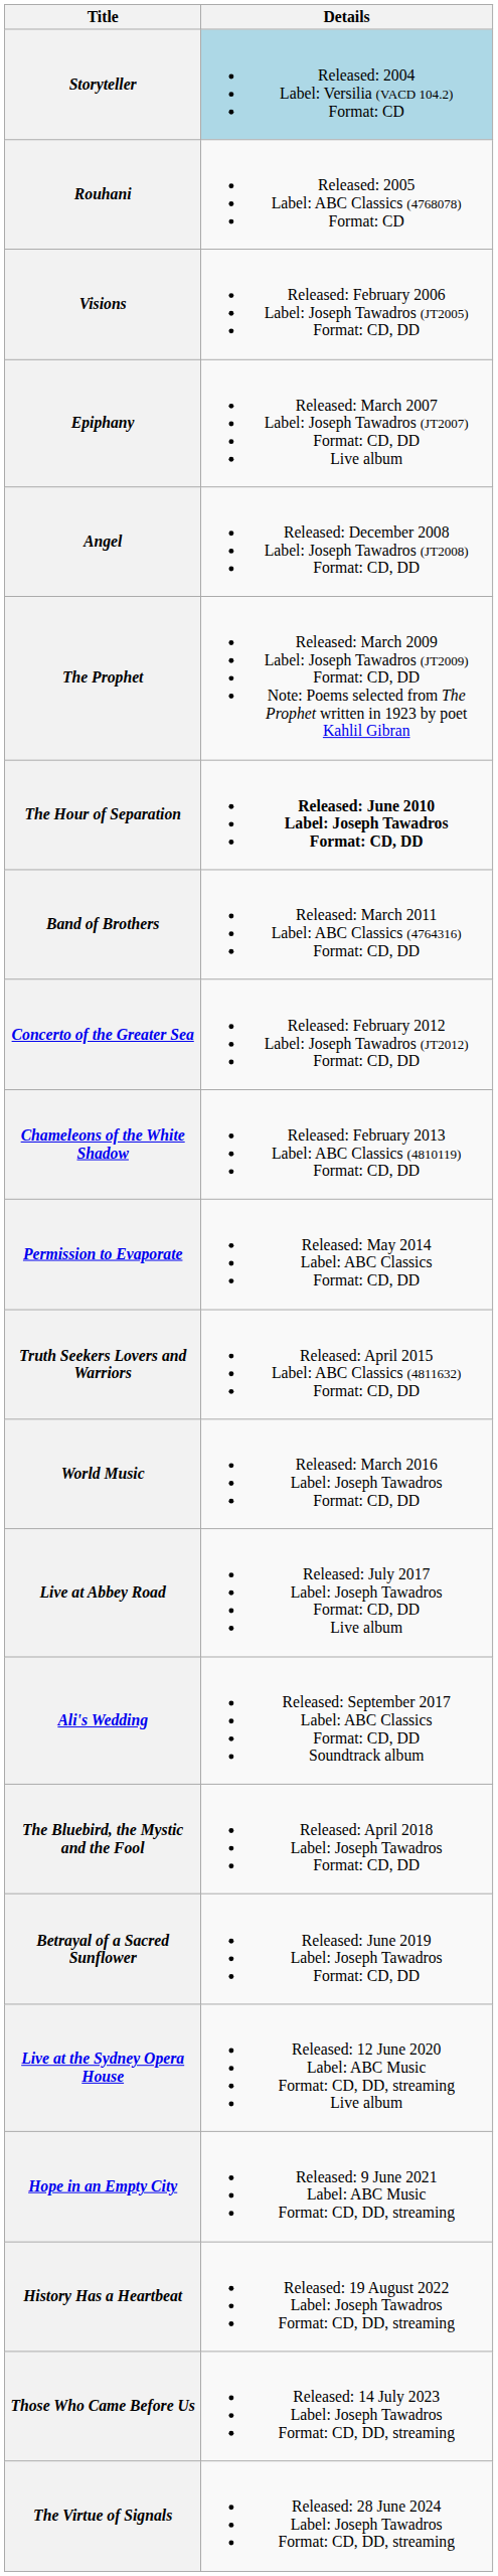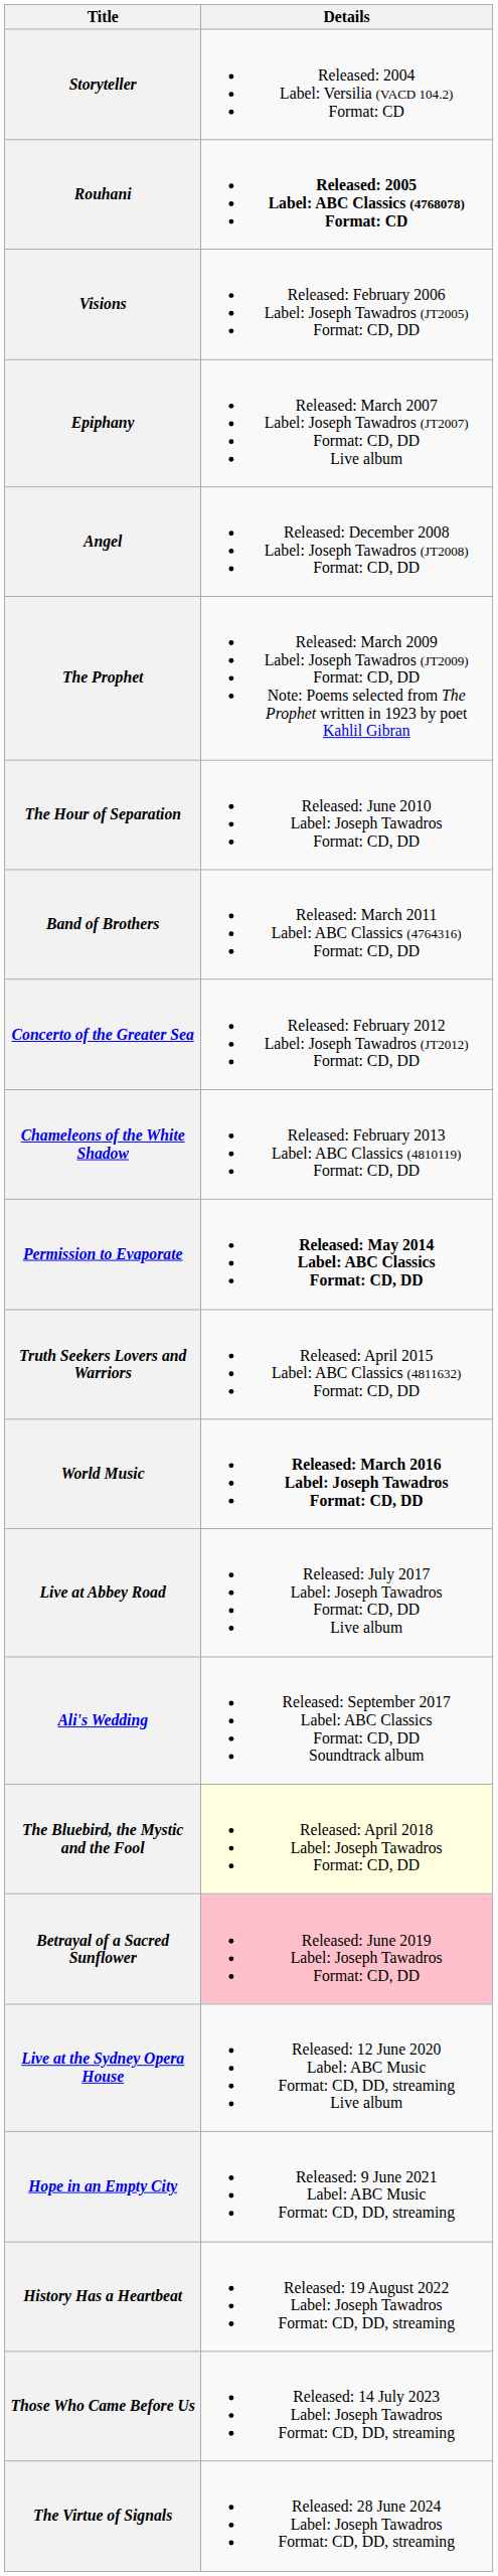 <table class="wikitable plainrowheaders" style="text-align:center;">
 <tr>
 <th scope="col" style="width:12em;">Title</th>
 <th scope="col" style="width:18em;">Details</th>
 </tr>
 <tr>
 <th scope="row"><em>Storyteller</em></th>
-<td style="background: lightblue;"><br><ul><li>Released: 2004</li><li>Label: Versilia <small>(VACD 104.2)</small></li><li>Format: CD</li></ul></td>
+<td><br><ul><li>Released: 2004</li><li>Label: Versilia <small>(VACD 104.2)</small></li><li>Format: CD</li></ul></td>
 </tr>
 <tr>
 <th scope="row"><em>Rouhani</em> <br></th>
-<td><br><ul><li>Released: 2005</li><li>Label: ABC Classics <small>(4768078)</small></li><li>Format: CD</li></ul></td>
+<td><strong><br><ul><li>Released: 2005</li><li>Label: ABC Classics <small>(4768078)</small></li><li>Format: CD</li></ul></strong></td>
 </tr>
 <tr>
 <th scope="row"><em>Visions</em> <br></th>
 <td><br><ul><li>Released: February 2006</li><li>Label: Joseph Tawadros <small>(JT2005)</small></li><li>Format: CD, DD</li></ul></td>
 </tr>
 <tr>
 <th scope="row"><em>Epiphany</em> <br></th>
 <td><br><ul><li>Released: March 2007</li><li>Label: Joseph Tawadros <small>(JT2007)</small></li><li>Format: CD, DD</li><li>Live album</li></ul></td>
 </tr>
 <tr>
 <th scope="row"><em>Angel</em> <br></th>
 <td><br><ul><li>Released: December 2008</li><li>Label: Joseph Tawadros <small>(JT2008)</small></li><li>Format: CD, DD</li></ul></td>
 </tr>
 <tr>
 <th scope="row"><em>The Prophet</em></th>
 <td><br><ul><li>Released: March 2009</li><li>Label: Joseph Tawadros <small>(JT2009)</small></li><li>Format: CD, DD</li><li>Note: Poems selected from <em>The Prophet</em> written in 1923 by poet <a href='#'>Kahlil Gibran</a></li></ul></td>
 </tr>
 <tr>
 <th scope="row"><em>The Hour of Separation</em></th>
-<td><strong><br><ul><li>Released: June 2010</li><li>Label: Joseph Tawadros</li><li>Format: CD, DD</li></ul></strong></td>
+<td><br><ul><li>Released: June 2010</li><li>Label: Joseph Tawadros</li><li>Format: CD, DD</li></ul></td>
 </tr>
 <tr>
 <th scope="row"><em>Band of Brothers</em> <br></th>
 <td><br><ul><li>Released: March 2011</li><li>Label: ABC Classics <small>(4764316)</small></li><li>Format: CD, DD</li></ul></td>
 </tr>
 <tr>
 <th scope="row"><em><a href='#'>Concerto of the Greater Sea</a></em></th>
 <td><br><ul><li>Released: February 2012</li><li>Label: Joseph Tawadros <small>(JT2012)</small></li><li>Format: CD, DD</li></ul></td>
 </tr>
 <tr>
 <th scope="row"><em><a href='#'>Chameleons of the White Shadow</a></em></th>
 <td><br><ul><li>Released: February 2013</li><li>Label: ABC Classics <small>(4810119)</small></li><li>Format: CD, DD</li></ul></td>
 </tr>
 <tr>
 <th scope="row"><em><a href='#'>Permission to Evaporate</a></em></th>
-<td><br><ul><li>Released: May 2014</li><li>Label: ABC Classics</li><li>Format: CD, DD</li></ul></td>
+<td><strong><br><ul><li>Released: May 2014</li><li>Label: ABC Classics</li><li>Format: CD, DD</li></ul></strong></td>
 </tr>
 <tr>
 <th scope="row"><em>Truth Seekers Lovers and Warriors</em></th>
 <td><br><ul><li>Released: April 2015</li><li>Label: ABC Classics <small>(4811632)</small></li><li>Format: CD, DD</li></ul></td>
 </tr>
 <tr>
 <th scope="row"><em>World Music</em></th>
-<td><br><ul><li>Released: March 2016</li><li>Label: Joseph Tawadros</li><li>Format: CD, DD</li></ul></td>
+<td><strong><br><ul><li>Released: March 2016</li><li>Label: Joseph Tawadros</li><li>Format: CD, DD</li></ul></strong></td>
 </tr>
 <tr>
 <th scope="row"><em>Live at Abbey Road</em> <br></th>
 <td><br><ul><li>Released: July 2017</li><li>Label: Joseph Tawadros</li><li>Format: CD, DD</li><li>Live album</li></ul></td>
 </tr>
 <tr>
 <th scope="row"><em><a href='#'>Ali's Wedding</a></em> <br></th>
 <td><br><ul><li>Released: September 2017</li><li>Label: ABC Classics</li><li>Format: CD, DD</li><li>Soundtrack album</li></ul></td>
 </tr>
 <tr>
 <th scope="row"><em>The Bluebird, the Mystic and the Fool</em></th>
-<td><br><ul><li>Released: April 2018</li><li>Label: Joseph Tawadros</li><li>Format: CD, DD</li></ul></td>
+<td style="background: lightyellow;"><br><ul><li>Released: April 2018</li><li>Label: Joseph Tawadros</li><li>Format: CD, DD</li></ul></td>
 </tr>
 <tr>
 <th scope="row"><em>Betrayal of a Sacred Sunflower</em></th>
-<td><br><ul><li>Released: June 2019</li><li>Label: Joseph Tawadros</li><li>Format: CD, DD</li></ul></td>
+<td style="background: pink;"><br><ul><li>Released: June 2019</li><li>Label: Joseph Tawadros</li><li>Format: CD, DD</li></ul></td>
 </tr>
 <tr>
 <th scope="row"><em><a href='#'>Live at the Sydney Opera House</a></em> <br></th>
 <td><br><ul><li>Released: 12 June 2020</li><li>Label: ABC Music</li><li>Format: CD, DD, streaming</li><li>Live album</li></ul></td>
 </tr>
 <tr>
 <th scope="row"><em><a href='#'>Hope in an Empty City</a></em></th>
 <td><br><ul><li>Released: 9 June 2021</li><li>Label: ABC Music</li><li>Format: CD, DD, streaming</li></ul></td>
 </tr>
 <tr>
 <th scope="row"><em>History Has a Heartbeat</em></th>
 <td><br><ul><li>Released: 19 August 2022</li><li>Label: Joseph Tawadros</li><li>Format: CD, DD, streaming</li></ul></td>
 </tr>
 <tr>
 <th scope="row"><em>Those Who Came Before Us</em></th>
 <td><br><ul><li>Released: 14 July 2023</li><li>Label: Joseph Tawadros</li><li>Format: CD, DD, streaming</li></ul></td>
 </tr>
 <tr>
 <th scope="row"><em>The Virtue of Signals</em></th>
 <td><br><ul><li>Released: 28 June 2024</li><li>Label: Joseph Tawadros</li><li>Format: CD, DD, streaming</li></ul></td>
 </tr>
 </table>
